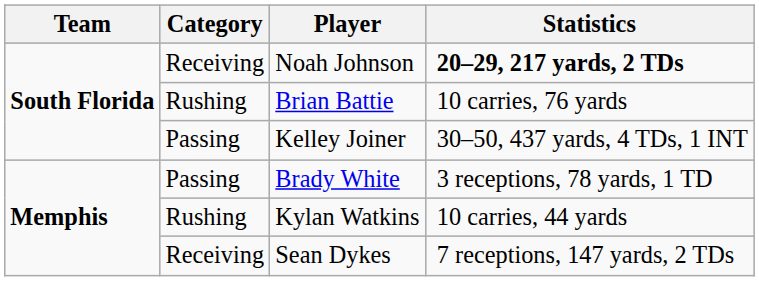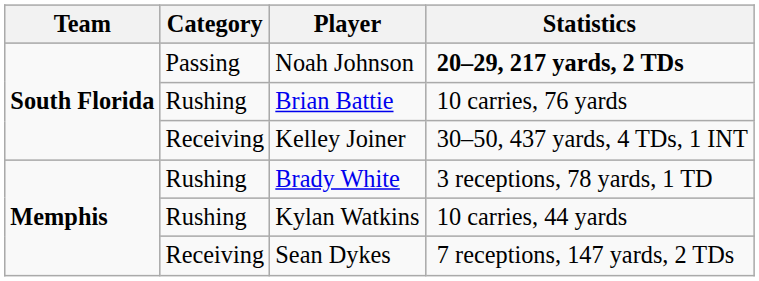 <table class="wikitable" style="float: left;">
 <tr>
 <th>Team</th>
 <th>Category</th>
 <th>Player</th>
 <th>Statistics</th>
 </tr>
 <tr>
 <td rowspan=3><strong>South Florida</strong></td>
-<td>Receiving</td>
+<td>Passing</td>
 <td>Noah Johnson</td>
 <td><strong> 20–29, 217 yards, 2 TDs</strong></td>
 </tr>
 <tr>
 <td>Rushing</td>
 <td><a href='#'>Brian Battie</a></td>
 <td> 10 carries, 76 yards</td>
 </tr>
 <tr>
-<td>Passing</td>
+<td>Receiving</td>
 <td>Kelley Joiner</td>
 <td> 30–50, 437 yards, 4 TDs, 1 INT</td>
 </tr>
 <tr>
 <td rowspan=3><strong>Memphis</strong></td>
-<td>Passing</td>
+<td>Rushing</td>
 <td><a href='#'>Brady White</a></td>
 <td> 3 receptions, 78 yards, 1 TD</td>
 </tr>
 <tr>
 <td>Rushing</td>
 <td>Kylan Watkins</td>
 <td> 10 carries, 44 yards</td>
 </tr>
 <tr>
 <td>Receiving</td>
 <td>Sean Dykes</td>
 <td> 7 receptions, 147 yards, 2 TDs</td>
 </tr>
 </table>
